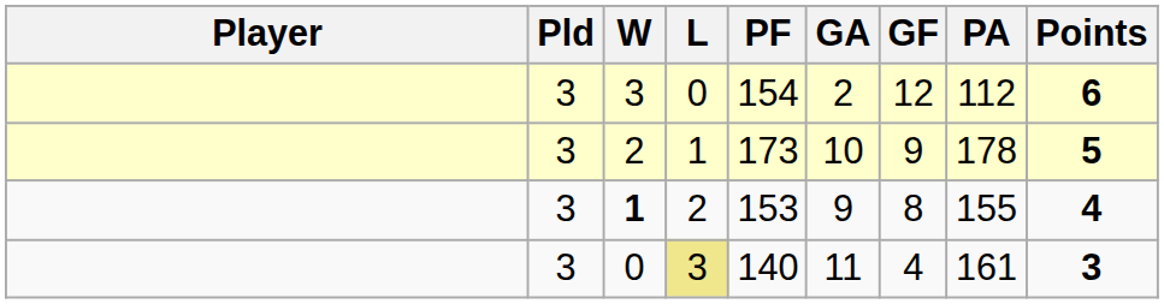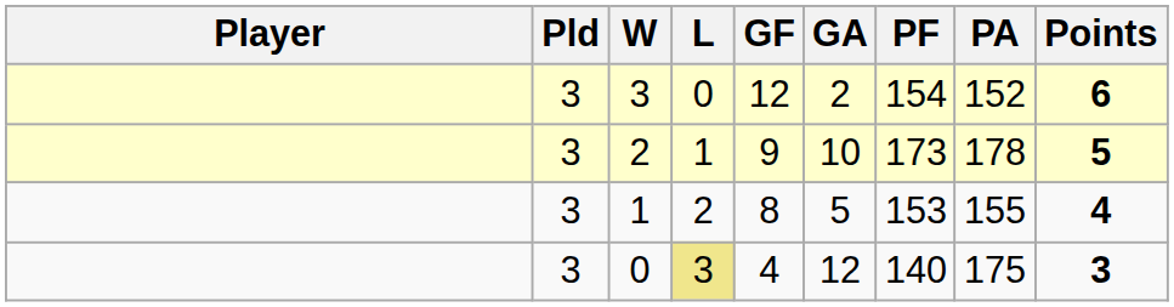 <table class=wikitable style="text-align:center">
 <tr>
 <th width=220>Player</th>
 <th width=20>Pld</th>
 <th width=20>W</th>
 <th width=20>L</th>
+<th width=20>GF</th>
+<th width=20>GA</th>
 <th width=20>PF</th>
-<th width=20>GA</th>
-<th width=20>GF</th>
 <th width=20>PA</th>
 <th width=50>Points</th>
 </tr>
 <tr bgcolor=#ffffcc>
 <td align=left></td>
 <td>3</td>
 <td>3</td>
 <td>0</td>
+<td>12</td>
+<td>2</td>
 <td>154</td>
-<td>2</td>
-<td>12</td>
-<td>112</td>
+<td>152</td>
 <td><strong>6</strong></td>
 </tr>
 <tr bgcolor=#ffffcc>
 <td align=left></td>
 <td>3</td>
 <td>2</td>
 <td>1</td>
+<td>9</td>
+<td>10</td>
 <td>173</td>
-<td>10</td>
-<td>9</td>
 <td>178</td>
 <td><strong>5</strong></td>
 </tr>
 <tr>
 <td align=left></td>
 <td>3</td>
-<td><strong>1</strong></td>
+<td>1</td>
 <td>2</td>
+<td>8</td>
+<td>5</td>
 <td>153</td>
-<td>9</td>
-<td>8</td>
 <td>155</td>
 <td><strong>4</strong></td>
 </tr>
 <tr>
 <td align=left></td>
 <td>3</td>
 <td>0</td>
 <td style="background: khaki;">3</td>
+<td>4</td>
+<td>12</td>
 <td>140</td>
-<td>11</td>
-<td>4</td>
-<td>161</td>
+<td>175</td>
 <td><strong>3</strong></td>
 </tr>
 </table>
